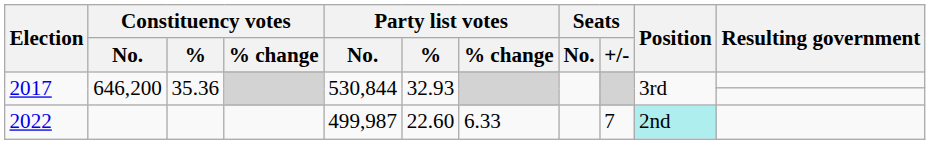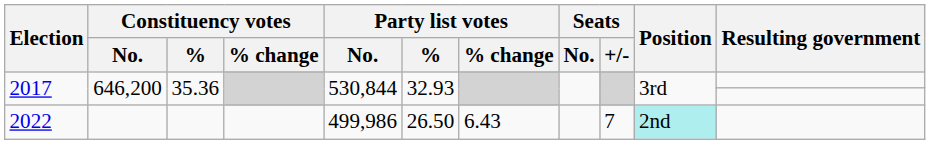 <table class="wikitable">
 <tr>
 <th rowspan="2" style="background-color:">Election</th>
 <th colspan="3" style="background-color:">Constituency votes</th>
 <th colspan="3" style="background-color:">Party list votes</th>
 <th colspan="2" style="background-color:">Seats</th>
 <th rowspan="2" style="background-color:">Position</th>
 <th rowspan="2" style="background-color:">Resulting government</th>
 </tr>
 <tr>
 <th style="background-color:">No.</th>
 <th style="background-color:">%</th>
 <th style="background-color:">% change</th>
 <th style="background-color:">No.</th>
 <th style="background-color:">%</th>
 <th style="background-color:">% change</th>
 <th style="background-color:">No.</th>
 <th style="background-color:">+/-</th>
 </tr>
 <tr>
 <td rowspan="2"><a href='#'>2017</a></td>
 <td rowspan="2">646,200</td>
 <td rowspan="2">35.36</td>
 <td rowspan="2" bgcolor="lightgrey"></td>
 <td rowspan="2">530,844</td>
 <td rowspan="2">32.93</td>
 <td rowspan="2" bgcolor="lightgrey"></td>
 <td rowspan="2"></td>
 <td rowspan="2" bgcolor="lightgrey"></td>
 <td rowspan="2">3rd</td>
 <td></td>
 </tr>
 <tr>
 <td></td>
 </tr>
 <tr>
 <td><a href='#'>2022</a></td>
 <td></td>
 <td></td>
 <td></td>
-<td>499,987</td>
-<td>22.60</td>
-<td> 6.33</td>
+<td>499,986</td>
+<td>26.50</td>
+<td> 6.43</td>
 <td></td>
 <td> 7</td>
 <td style="background: paleturquoise;"> 2nd</td>
 <td></td>
 </tr>
 </table>
